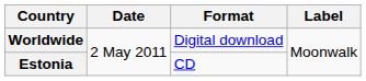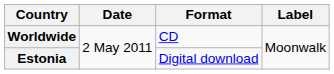 <table class="wikitable plainrowheaders">
 <tr>
 <th scope="col">Country</th>
 <th scope="col">Date</th>
 <th scope="col">Format</th>
 <th scope="col">Label</th>
 </tr>
 <tr>
 <th scope="row">Worldwide</th>
 <td rowspan="2">2 May 2011</td>
-<td><a href='#'>Digital download</a></td>
+<td><a href='#'>CD</a></td>
 <td rowspan="2">Moonwalk</td>
 </tr>
 <tr>
 <th scope="row">Estonia</th>
-<td><a href='#'>CD</a></td>
+<td><a href='#'>Digital download</a></td>
 </tr>
 </table>
